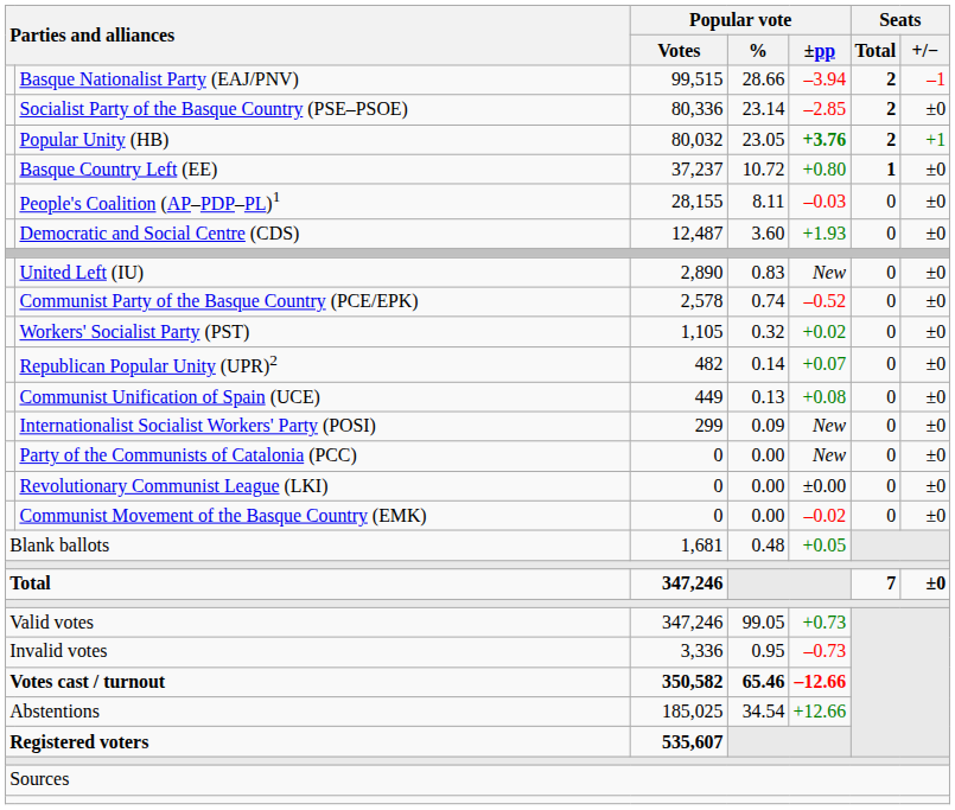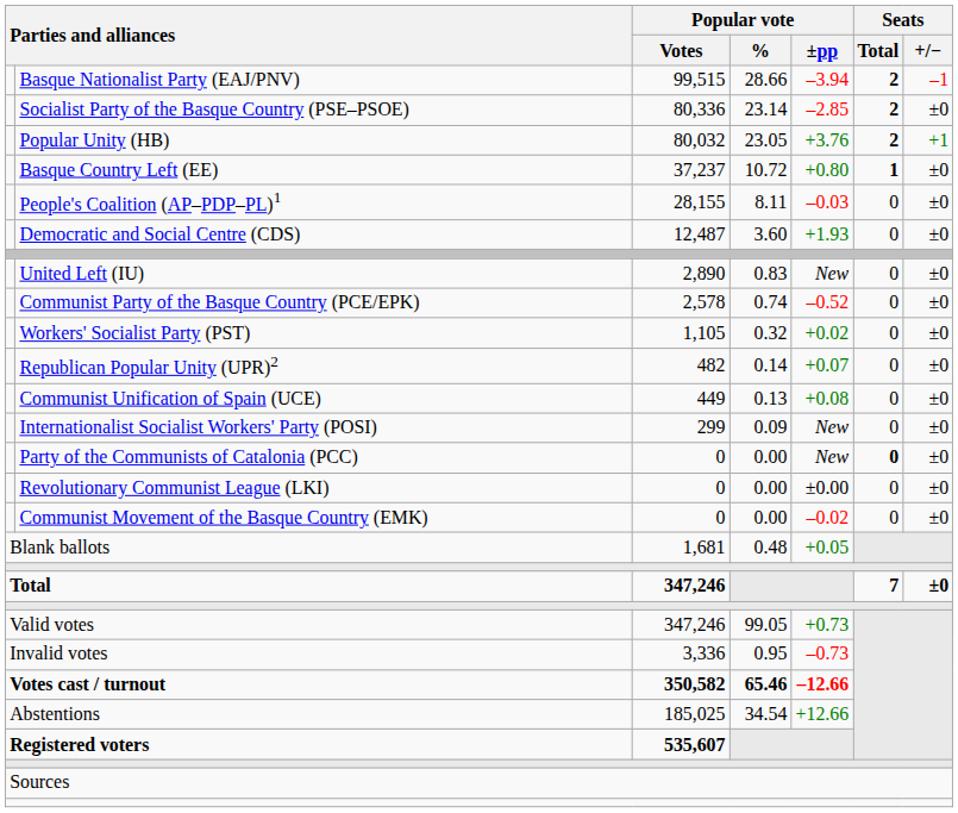 <table class="wikitable" style="text-align:right;">
 <tr>
 <th style="text-align:left;" rowspan="2" colspan="2" width="525">Parties and alliances</th>
 <th colspan="3">Popular vote</th>
 <th colspan="2">Seats</th>
 </tr>
 <tr>
 <th width="75">Votes</th>
 <th width="45">%</th>
 <th width="45">±<a href='#'>pp</a></th>
 <th width="35">Total</th>
 <th width="35">+/−</th>
 </tr>
 <tr>
 <td width="1" style="color:inherit;background:"></td>
 <td align="left"><a href='#'>Basque Nationalist Party</a> (EAJ/PNV)</td>
 <td>99,515</td>
 <td>28.66</td>
 <td style="color:red;">–3.94</td>
 <td><strong>2</strong></td>
 <td style="color:red;">–1</td>
 </tr>
 <tr>
 <td style="color:inherit;background:"></td>
 <td align="left"><a href='#'>Socialist Party of the Basque Country</a> (PSE–PSOE)</td>
 <td>80,336</td>
 <td>23.14</td>
 <td style="color:red;">–2.85</td>
 <td><strong>2</strong></td>
 <td>±0</td>
 </tr>
 <tr>
 <td style="color:inherit;background:"></td>
 <td align="left"><a href='#'>Popular Unity</a> (HB)</td>
 <td>80,032</td>
 <td>23.05</td>
-<td style="color:green;"><strong>+3.76</strong></td>
+<td style="color:green;">+3.76</td>
 <td><strong>2</strong></td>
 <td style="color:green;">+1</td>
 </tr>
 <tr>
 <td style="color:inherit;background:"></td>
 <td align="left"><a href='#'>Basque Country Left</a> (EE)</td>
 <td>37,237</td>
 <td>10.72</td>
 <td style="color:green;">+0.80</td>
 <td><strong>1</strong></td>
 <td>±0</td>
 </tr>
 <tr>
 <td style="color:inherit;background:"></td>
 <td align="left"><a href='#'>People's Coalition</a> (<a href='#'>AP</a>–<a href='#'>PDP</a>–<a href='#'>PL</a>)<sup>1</sup></td>
 <td>28,155</td>
 <td>8.11</td>
 <td style="color:red;">–0.03</td>
 <td>0</td>
 <td>±0</td>
 </tr>
 <tr>
 <td style="color:inherit;background:"></td>
 <td align="left"><a href='#'>Democratic and Social Centre</a> (CDS)</td>
 <td>12,487</td>
 <td>3.60</td>
 <td style="color:green;">+1.93</td>
 <td>0</td>
 <td>±0</td>
 </tr>
 <tr>
 <td colspan="7" bgcolor="#C0C0C0"></td>
 </tr>
 <tr>
 <td style="color:inherit;background:"></td>
 <td align="left"><a href='#'>United Left</a> (IU)</td>
 <td>2,890</td>
 <td>0.83</td>
 <td><em>New</em></td>
 <td>0</td>
 <td>±0</td>
 </tr>
 <tr>
 <td style="color:inherit;background:"></td>
 <td align="left"><a href='#'>Communist Party of the Basque Country</a> (PCE/EPK)</td>
 <td>2,578</td>
 <td>0.74</td>
 <td style="color:red;">–0.52</td>
 <td>0</td>
 <td>±0</td>
 </tr>
 <tr>
 <td style="color:inherit;background:"></td>
 <td align="left"><a href='#'>Workers' Socialist Party</a> (PST)</td>
 <td>1,105</td>
 <td>0.32</td>
 <td style="color:green;">+0.02</td>
 <td>0</td>
 <td>±0</td>
 </tr>
 <tr>
 <td style="color:inherit;background:"></td>
 <td align="left"><a href='#'>Republican Popular Unity</a> (UPR)<sup>2</sup></td>
 <td>482</td>
 <td>0.14</td>
 <td style="color:green;">+0.07</td>
 <td>0</td>
 <td>±0</td>
 </tr>
 <tr>
 <td style="color:inherit;background:"></td>
 <td align="left"><a href='#'>Communist Unification of Spain</a> (UCE)</td>
 <td>449</td>
 <td>0.13</td>
 <td style="color:green;">+0.08</td>
 <td>0</td>
 <td>±0</td>
 </tr>
 <tr>
 <td style="color:inherit;background:"></td>
 <td align="left"><a href='#'>Internationalist Socialist Workers' Party</a> (POSI)</td>
 <td>299</td>
 <td>0.09</td>
 <td><em>New</em></td>
 <td>0</td>
 <td>±0</td>
 </tr>
 <tr>
 <td style="color:inherit;background:"></td>
 <td align="left"><a href='#'>Party of the Communists of Catalonia</a> (PCC)</td>
 <td>0</td>
 <td>0.00</td>
 <td><em>New</em></td>
-<td>0</td>
+<td><strong>0</strong></td>
 <td>±0</td>
 </tr>
 <tr>
 <td style="color:inherit;background:"></td>
 <td align="left"><a href='#'>Revolutionary Communist League</a> (LKI)</td>
 <td>0</td>
 <td>0.00</td>
 <td>±0.00</td>
 <td>0</td>
 <td>±0</td>
 </tr>
 <tr>
 <td style="color:inherit;background:"></td>
 <td align="left"><a href='#'>Communist Movement of the Basque Country</a> (EMK)</td>
 <td>0</td>
 <td>0.00</td>
 <td style="color:red;">–0.02</td>
 <td>0</td>
 <td>±0</td>
 </tr>
 <tr>
 <td align="left" colspan="2">Blank ballots</td>
 <td>1,681</td>
 <td>0.48</td>
 <td style="color:green;">+0.05</td>
 <td bgcolor="#E9E9E9" colspan="2"></td>
 </tr>
 <tr>
 <td colspan="7" bgcolor="#E9E9E9"></td>
 </tr>
 <tr style="font-weight:bold;">
 <td align="left" colspan="2">Total</td>
 <td>347,246</td>
 <td bgcolor="#E9E9E9" colspan="2"></td>
 <td>7</td>
 <td>±0</td>
 </tr>
 <tr>
 <td colspan="7" bgcolor="#E9E9E9"></td>
 </tr>
 <tr>
 <td align="left" colspan="2">Valid votes</td>
 <td>347,246</td>
 <td>99.05</td>
 <td style="color:green;">+0.73</td>
 <td bgcolor="#E9E9E9" colspan="2" rowspan="5"></td>
 </tr>
 <tr>
 <td align="left" colspan="2">Invalid votes</td>
 <td>3,336</td>
 <td>0.95</td>
 <td style="color:red;">–0.73</td>
 </tr>
 <tr style="font-weight:bold;">
 <td align="left" colspan="2">Votes cast / turnout</td>
 <td>350,582</td>
 <td>65.46</td>
 <td style="color:red;">–12.66</td>
 </tr>
 <tr>
 <td align="left" colspan="2">Abstentions</td>
 <td>185,025</td>
 <td>34.54</td>
 <td style="color:green;">+12.66</td>
 </tr>
 <tr style="font-weight:bold;">
 <td align="left" colspan="2">Registered voters</td>
 <td>535,607</td>
 <td bgcolor="#E9E9E9" colspan="2"></td>
 </tr>
 <tr>
 <td colspan="7" bgcolor="#E9E9E9"></td>
 </tr>
 <tr>
 <td align="left" colspan="7">Sources</td>
 </tr>
 <tr>
 <td colspan="7" style="text-align:left; max-width:790px;"></td>
 </tr>
 </table>
